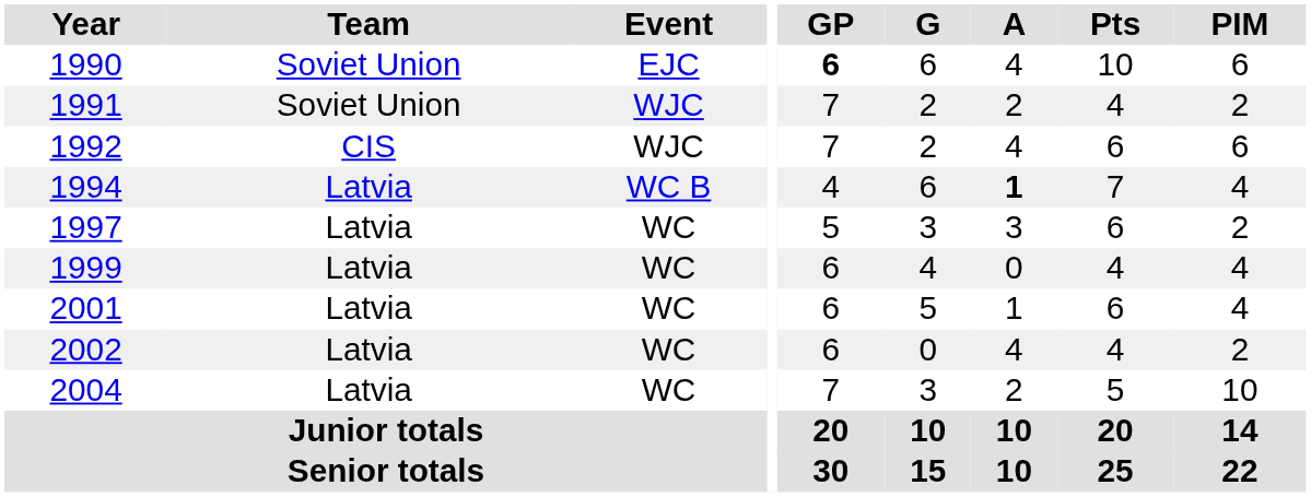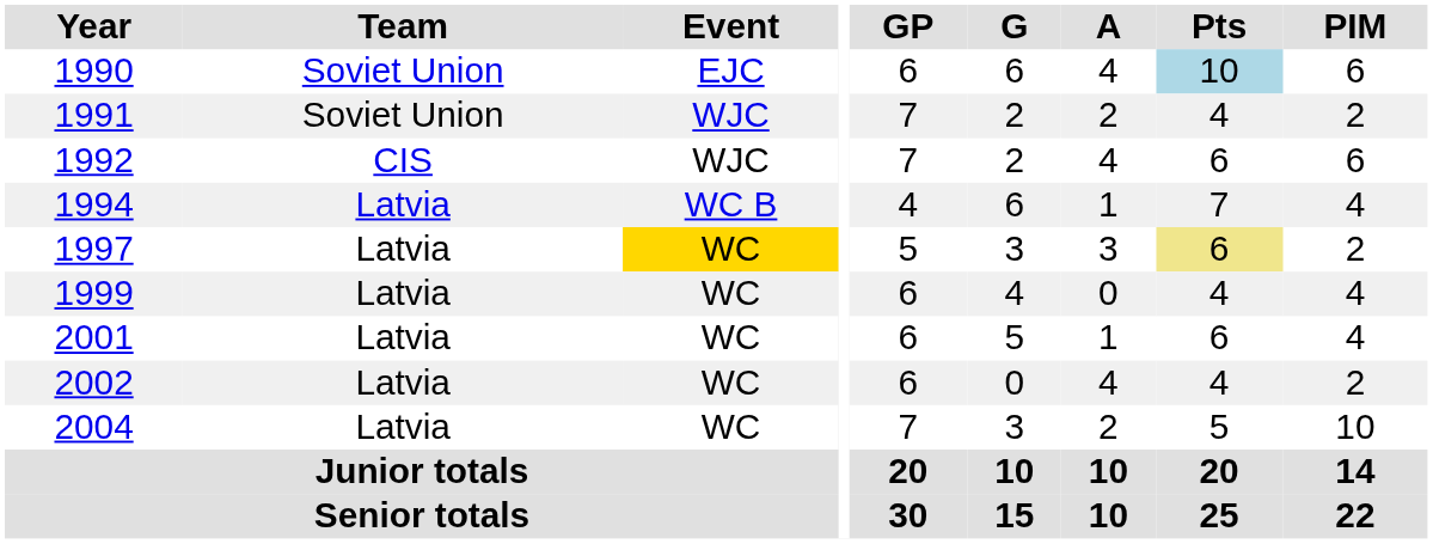 <table border="0" cellpadding="1" cellspacing="0" ID="Table3" style="text-align:center; width:40em">
 <tr bgcolor="#e0e0e0">
 <th>Year</th>
 <th>Team</th>
 <th>Event</th>
 <th rowspan="102" bgcolor="#ffffff"></th>
 <th>GP</th>
 <th>G</th>
 <th>A</th>
 <th>Pts</th>
 <th>PIM</th>
 </tr>
 <tr>
 <td><a href='#'>1990</a></td>
 <td><a href='#'>Soviet Union</a></td>
 <td><a href='#'>EJC</a></td>
-<td><strong>6</strong></td>
+<td>6</td>
 <td>6</td>
 <td>4</td>
-<td>10</td>
+<td style="background: lightblue;">10</td>
 <td>6</td>
 </tr>
 <tr bgcolor="#f0f0f0">
 <td><a href='#'>1991</a></td>
 <td>Soviet Union</td>
 <td><a href='#'>WJC</a></td>
 <td>7</td>
 <td>2</td>
 <td>2</td>
 <td>4</td>
 <td>2</td>
 </tr>
 <tr>
 <td><a href='#'>1992</a></td>
 <td><a href='#'>CIS</a></td>
 <td>WJC</td>
 <td>7</td>
 <td>2</td>
 <td>4</td>
 <td>6</td>
 <td>6</td>
 </tr>
 <tr bgcolor="#f0f0f0">
 <td><a href='#'>1994</a></td>
 <td><a href='#'>Latvia</a></td>
 <td><a href='#'>WC B</a></td>
 <td>4</td>
 <td>6</td>
-<td><strong>1</strong></td>
+<td>1</td>
 <td>7</td>
 <td>4</td>
 </tr>
 <tr>
 <td><a href='#'>1997</a></td>
 <td>Latvia</td>
-<td>WC</td>
+<td style="background: gold;">WC</td>
 <td>5</td>
 <td>3</td>
 <td>3</td>
-<td>6</td>
+<td style="background: khaki;">6</td>
 <td>2</td>
 </tr>
 <tr bgcolor="#f0f0f0">
 <td><a href='#'>1999</a></td>
 <td>Latvia</td>
 <td>WC</td>
 <td>6</td>
 <td>4</td>
 <td>0</td>
 <td>4</td>
 <td>4</td>
 </tr>
 <tr>
 <td><a href='#'>2001</a></td>
 <td>Latvia</td>
 <td>WC</td>
 <td>6</td>
 <td>5</td>
 <td>1</td>
 <td>6</td>
 <td>4</td>
 </tr>
 <tr bgcolor="#f0f0f0">
 <td><a href='#'>2002</a></td>
 <td>Latvia</td>
 <td>WC</td>
 <td>6</td>
 <td>0</td>
 <td>4</td>
 <td>4</td>
 <td>2</td>
 </tr>
 <tr>
 <td><a href='#'>2004</a></td>
 <td>Latvia</td>
 <td>WC</td>
 <td>7</td>
 <td>3</td>
 <td>2</td>
 <td>5</td>
 <td>10</td>
 </tr>
 <tr bgcolor="#e0e0e0">
 <th colspan=3>Junior totals</th>
 <th>20</th>
 <th>10</th>
 <th>10</th>
 <th>20</th>
 <th>14</th>
 </tr>
 <tr bgcolor="#e0e0e0">
 <th colspan=3>Senior totals</th>
 <th>30</th>
 <th>15</th>
 <th>10</th>
 <th>25</th>
 <th>22</th>
 </tr>
 </table>
